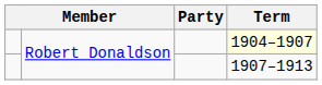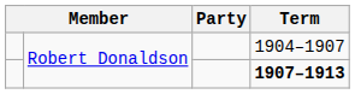 <table class="wikitable">
 <tr>
 <th colspan="2">Member</th>
 <th>Party</th>
 <th>Term</th>
 </tr>
 <tr>
 <td> </td>
 <td rowspan="2"><a href='#'>Robert Donaldson</a></td>
 <td></td>
-<td style="background: lightyellow;">1904–1907</td>
+<td>1904–1907</td>
 </tr>
 <tr>
 <td> </td>
 <td></td>
-<td>1907–1913</td>
+<td><strong>1907–1913</strong></td>
 </tr>
 </table>
